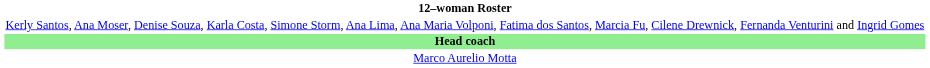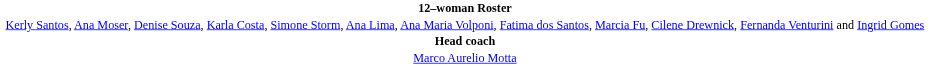 <table style="text-align: center; margin-top: 2em; margin-left: auto; margin-right: auto">
 <tr>
 <td><strong>12–woman Roster</strong></td>
 </tr>
 <tr>
 <td><a href='#'>Kerly Santos</a>, <a href='#'>Ana Moser</a>, <a href='#'>Denise Souza</a>, <a href='#'>Karla Costa</a>, <a href='#'>Simone Storm</a>, <a href='#'>Ana Lima</a>, <a href='#'>Ana Maria Volponi</a>, <a href='#'>Fatima dos Santos</a>, <a href='#'>Marcia Fu</a>, <a href='#'>Cilene Drewnick</a>, <a href='#'>Fernanda Venturini</a> and <a href='#'>Ingrid Gomes</a></td>
 </tr>
 <tr>
-<td style="background: lightgreen;"><strong>Head coach</strong></td>
+<td><strong>Head coach</strong></td>
 </tr>
 <tr>
 <td><a href='#'>Marco Aurelio Motta</a></td>
 </tr>
 </table>
